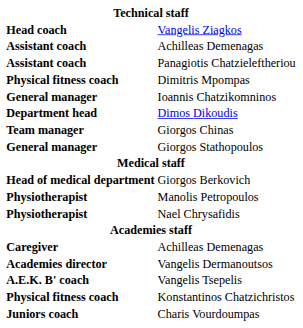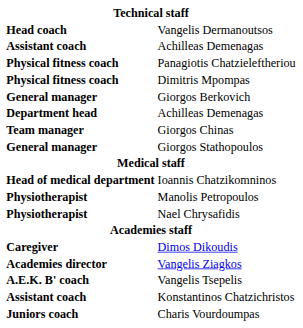 <table style="text-align: center; background:white; color:black">
 <tr>
 <th colspan="2">Technical staff</th>
 </tr>
 <tr>
 <td align=left><strong>Head coach</strong></td>
-<td align=left> <a href='#'>Vangelis Ziagkos</a></td>
+<td align=left> Vangelis Dermanoutsos</td>
 </tr>
 <tr>
 <td align=left><strong>Assistant coach</strong></td>
 <td align=left> Achilleas Demenagas</td>
 </tr>
 <tr>
-<td align=left><strong>Assistant coach</strong></td>
+<td align=left><strong>Physical fitness coach</strong></td>
 <td align=left> Panagiotis Chatzieleftheriou</td>
 </tr>
 <tr>
 <td align=left><strong>Physical fitness coach</strong></td>
 <td align=left> Dimitris Mpompas</td>
 </tr>
 <tr>
 <td align=left><strong>General manager</strong></td>
-<td align=left> Ioannis Chatzikomninos</td>
+<td align=left> Giorgos Berkovich</td>
 </tr>
 <tr>
 <td align=left><strong>Department head</strong></td>
-<td align=left> <a href='#'>Dimos Dikoudis</a></td>
+<td align=left> Achilleas Demenagas</td>
 </tr>
 <tr>
 <td align=left><strong>Team manager</strong></td>
 <td align=left> Giorgos Chinas</td>
 </tr>
 <tr>
 <td align=left><strong>General manager</strong></td>
 <td align=left> Giorgos Stathopoulos</td>
 </tr>
 <tr>
 <th colspan="2">Medical staff</th>
 </tr>
 <tr>
 <td align=left><strong>Head of medical department</strong></td>
-<td align=left> Giorgos Berkovich</td>
+<td align=left> Ioannis Chatzikomninos</td>
 </tr>
 <tr>
 <td align=left><strong>Physiotherapist</strong></td>
 <td align=left> Manolis Petropoulos</td>
 </tr>
 <tr>
 <td align=left><strong>Physiotherapist</strong></td>
 <td align=left> Nael Chrysafidis</td>
 </tr>
 <tr>
 <th colspan="2">Academies staff</th>
 </tr>
 <tr>
 <td align=left><strong>Caregiver</strong></td>
-<td align=left> Achilleas Demenagas</td>
+<td align=left> <a href='#'>Dimos Dikoudis</a></td>
 </tr>
 <tr>
 <td align=left><strong>Academies director</strong></td>
-<td align=left> Vangelis Dermanoutsos</td>
+<td align=left> <a href='#'>Vangelis Ziagkos</a></td>
 </tr>
 <tr>
 <td align=left><strong>A.E.K. B' coach</strong></td>
 <td align=left> Vangelis Tsepelis</td>
 </tr>
 <tr>
-<td align=left><strong>Physical fitness coach</strong></td>
+<td align=left><strong>Assistant coach</strong></td>
 <td align=left> Konstantinos Chatzichristos</td>
 </tr>
 <tr>
 <td align=left><strong>Juniors coach</strong></td>
 <td align=left> Charis Vourdoumpas</td>
 </tr>
 </table>
